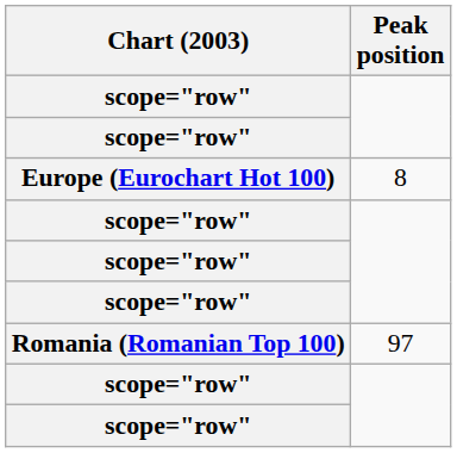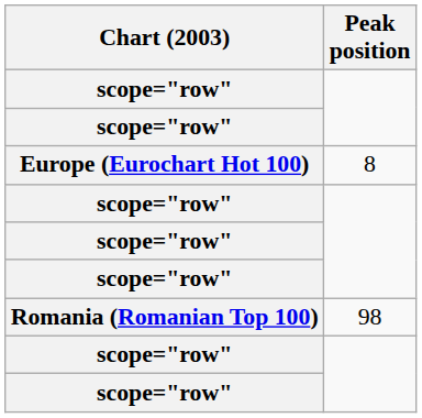 <table class="wikitable sortable plainrowheaders" style="text-align:center">
 <tr>
 <th>Chart (2003)</th>
 <th>Peak<br>position</th>
 </tr>
 <tr>
 <th>scope="row"</th>
 </tr>
 <tr>
 <th>scope="row"</th>
 </tr>
 <tr>
 <th scope="row">Europe (<a href='#'>Eurochart Hot 100</a>)</th>
 <td>8</td>
 </tr>
 <tr>
 <th>scope="row"</th>
 </tr>
 <tr>
 <th>scope="row"</th>
 </tr>
 <tr>
 <th>scope="row"</th>
 </tr>
 <tr>
 <th scope="row">Romania (<a href='#'>Romanian Top 100</a>)</th>
-<td>97</td>
+<td>98</td>
 </tr>
 <tr>
 <th>scope="row"</th>
 </tr>
 <tr>
 <th>scope="row"</th>
 </tr>
 </table>
